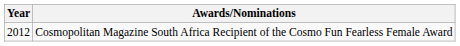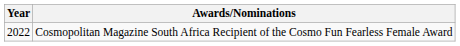 <table class="wikitable">
 <tr>
 <th>Year</th>
 <th>Awards/Nominations</th>
 </tr>
 <tr>
-<td>2012</td>
+<td>2022</td>
 <td>Cosmopolitan Magazine South Africa Recipient of the Cosmo Fun Fearless Female Award</td>
 </tr>
 </table>
